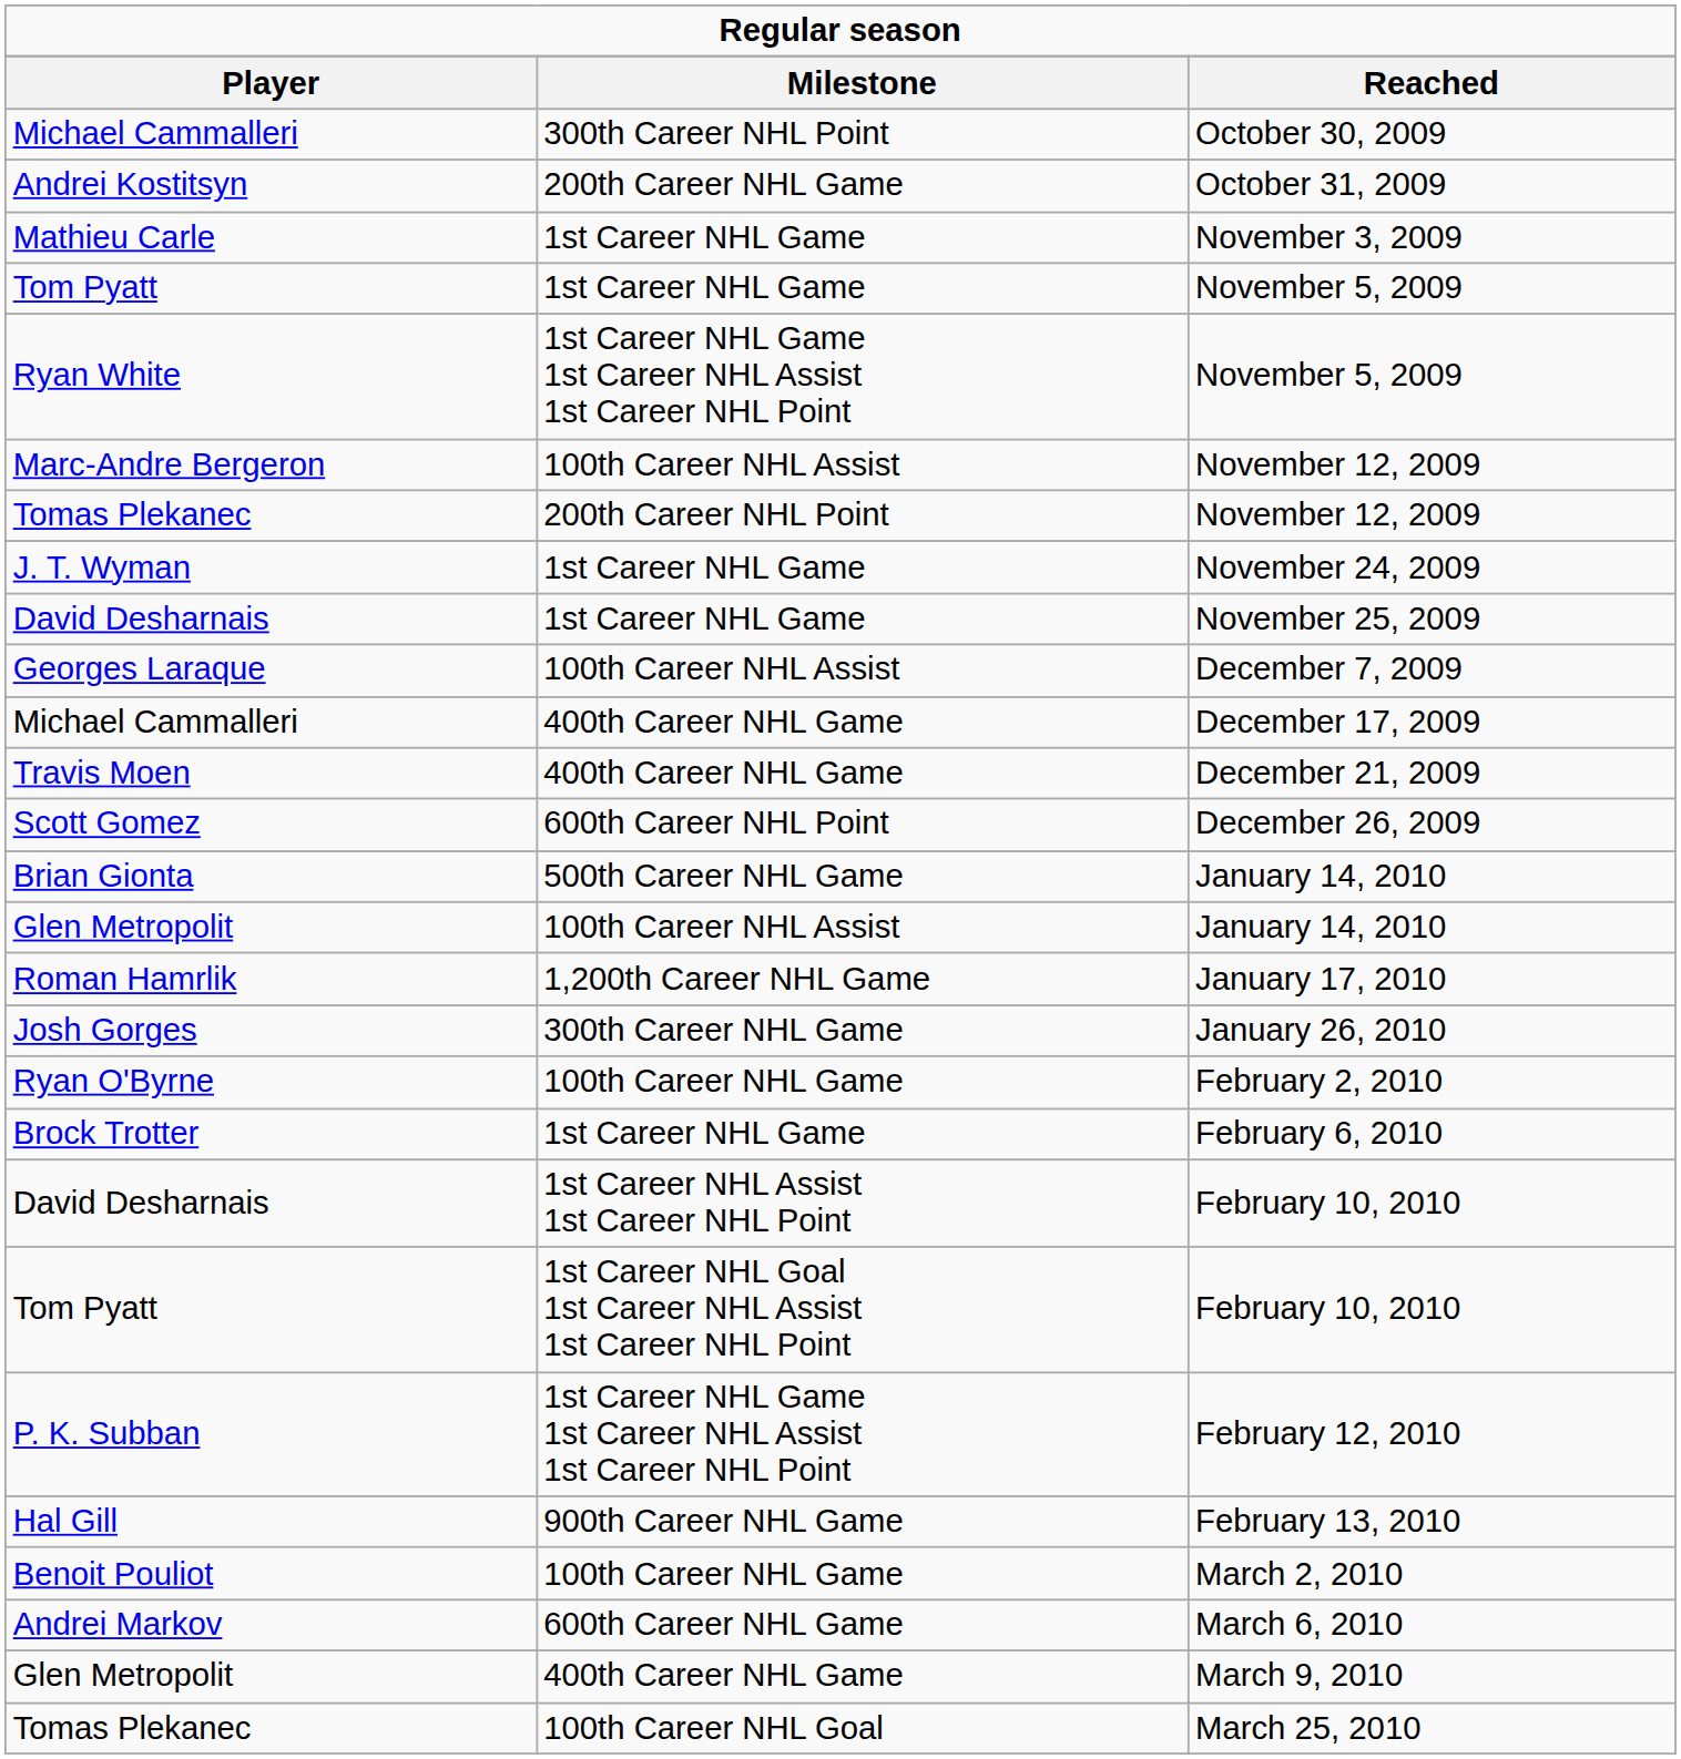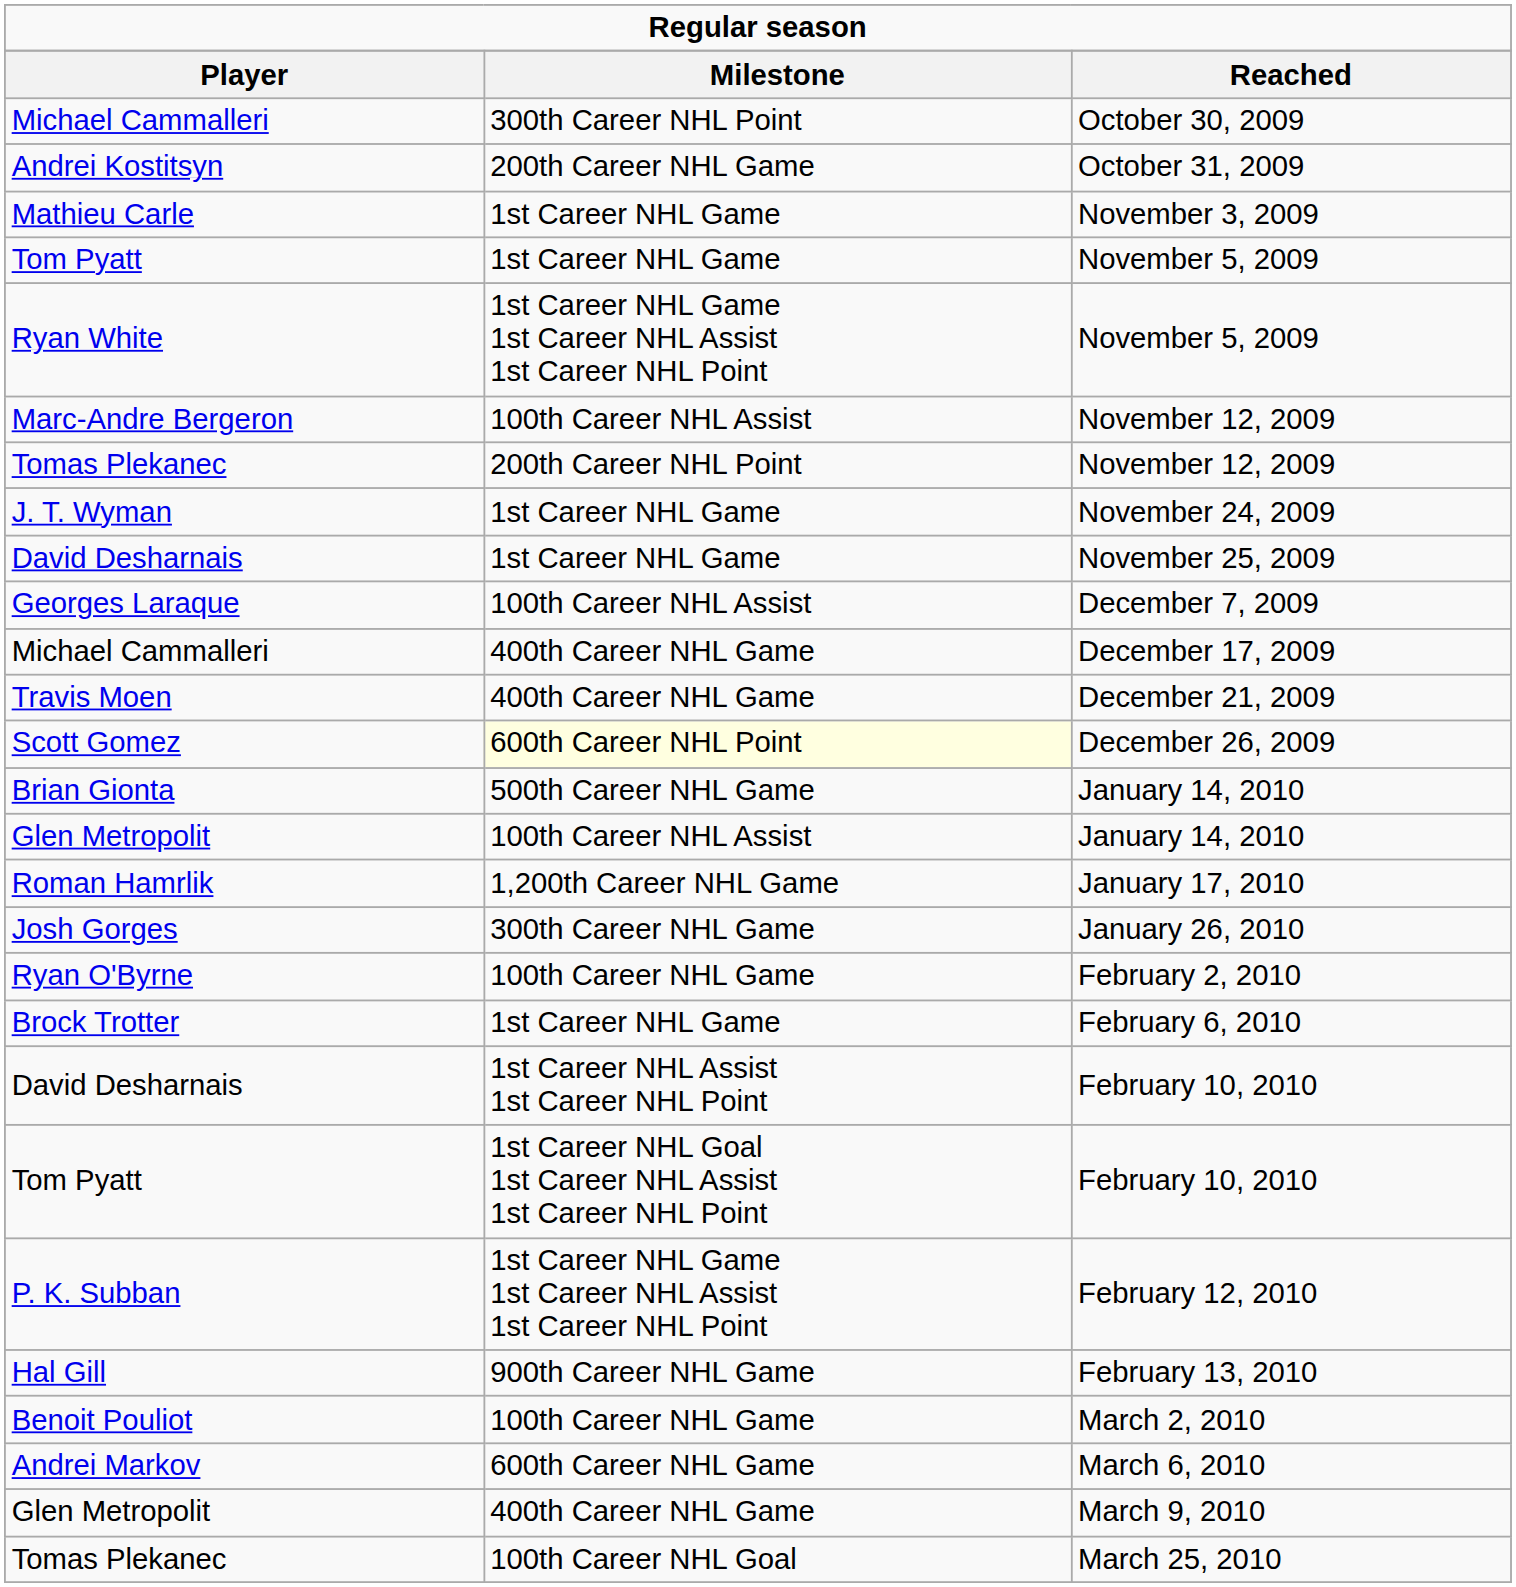 <table class="wikitable" style="width:52%;">
 <tr>
 <td colspan="10" style="text-align:center;"><strong>Regular season</strong></td>
 </tr>
 <tr style="text-align:center; background:#ddd;">
 </tr>
 <tr>
 <th>Player</th>
 <th>Milestone</th>
 <th>Reached</th>
 </tr>
 <tr>
 <td><a href='#'>Michael Cammalleri</a></td>
 <td>300th Career NHL Point</td>
 <td>October 30, 2009</td>
 </tr>
 <tr>
 <td><a href='#'>Andrei Kostitsyn</a></td>
 <td>200th Career NHL Game</td>
 <td>October 31, 2009</td>
 </tr>
 <tr>
 <td><a href='#'>Mathieu Carle</a></td>
 <td>1st Career NHL Game</td>
 <td>November 3, 2009</td>
 </tr>
 <tr>
 <td><a href='#'>Tom Pyatt</a></td>
 <td>1st Career NHL Game</td>
 <td>November 5, 2009</td>
 </tr>
 <tr>
 <td><a href='#'>Ryan White</a></td>
 <td>1st Career NHL Game<br>1st Career NHL Assist<br>1st Career NHL Point</td>
 <td>November 5, 2009</td>
 </tr>
 <tr>
 <td><a href='#'>Marc-Andre Bergeron</a></td>
 <td>100th Career NHL Assist</td>
 <td>November 12, 2009</td>
 </tr>
 <tr>
 <td><a href='#'>Tomas Plekanec</a></td>
 <td>200th Career NHL Point</td>
 <td>November 12, 2009</td>
 </tr>
 <tr>
 <td><a href='#'>J. T. Wyman</a></td>
 <td>1st Career NHL Game</td>
 <td>November 24, 2009</td>
 </tr>
 <tr>
 <td><a href='#'>David Desharnais</a></td>
 <td>1st Career NHL Game</td>
 <td>November 25, 2009</td>
 </tr>
 <tr>
 <td><a href='#'>Georges Laraque</a></td>
 <td>100th Career NHL Assist</td>
 <td>December 7, 2009</td>
 </tr>
 <tr>
 <td>Michael Cammalleri</td>
 <td>400th Career NHL Game</td>
 <td>December 17, 2009</td>
 </tr>
 <tr>
 <td><a href='#'>Travis Moen</a></td>
 <td>400th Career NHL Game</td>
 <td>December 21, 2009</td>
 </tr>
 <tr>
 <td><a href='#'>Scott Gomez</a></td>
-<td>600th Career NHL Point</td>
+<td style="background: lightyellow;">600th Career NHL Point</td>
 <td>December 26, 2009</td>
 </tr>
 <tr>
 <td><a href='#'>Brian Gionta</a></td>
 <td>500th Career NHL Game</td>
 <td>January 14, 2010</td>
 </tr>
 <tr>
 <td><a href='#'>Glen Metropolit</a></td>
 <td>100th Career NHL Assist</td>
 <td>January 14, 2010</td>
 </tr>
 <tr>
 <td><a href='#'>Roman Hamrlik</a></td>
 <td>1,200th Career NHL Game</td>
 <td>January 17, 2010</td>
 </tr>
 <tr>
 <td><a href='#'>Josh Gorges</a></td>
 <td>300th Career NHL Game</td>
 <td>January 26, 2010</td>
 </tr>
 <tr>
 <td><a href='#'>Ryan O'Byrne</a></td>
 <td>100th Career NHL Game</td>
 <td>February 2, 2010</td>
 </tr>
 <tr>
 <td><a href='#'>Brock Trotter</a></td>
 <td>1st Career NHL Game</td>
 <td>February 6, 2010</td>
 </tr>
 <tr>
 <td>David Desharnais</td>
 <td>1st Career NHL Assist<br>1st Career NHL Point</td>
 <td>February 10, 2010</td>
 </tr>
 <tr>
 <td>Tom Pyatt</td>
 <td>1st Career NHL Goal<br>1st Career NHL Assist<br>1st Career NHL Point</td>
 <td>February 10, 2010</td>
 </tr>
 <tr>
 <td><a href='#'>P. K. Subban</a></td>
 <td>1st Career NHL Game<br>1st Career NHL Assist<br>1st Career NHL Point</td>
 <td>February 12, 2010</td>
 </tr>
 <tr>
 <td><a href='#'>Hal Gill</a></td>
 <td>900th Career NHL Game</td>
 <td>February 13, 2010</td>
 </tr>
 <tr>
 <td><a href='#'>Benoit Pouliot</a></td>
 <td>100th Career NHL Game</td>
 <td>March 2, 2010</td>
 </tr>
 <tr>
 <td><a href='#'>Andrei Markov</a></td>
 <td>600th Career NHL Game</td>
 <td>March 6, 2010</td>
 </tr>
 <tr>
 <td>Glen Metropolit</td>
 <td>400th Career NHL Game</td>
 <td>March 9, 2010</td>
 </tr>
 <tr>
 <td>Tomas Plekanec</td>
 <td>100th Career NHL Goal</td>
 <td>March 25, 2010</td>
 </tr>
 <tr>
 </tr>
 </table>
